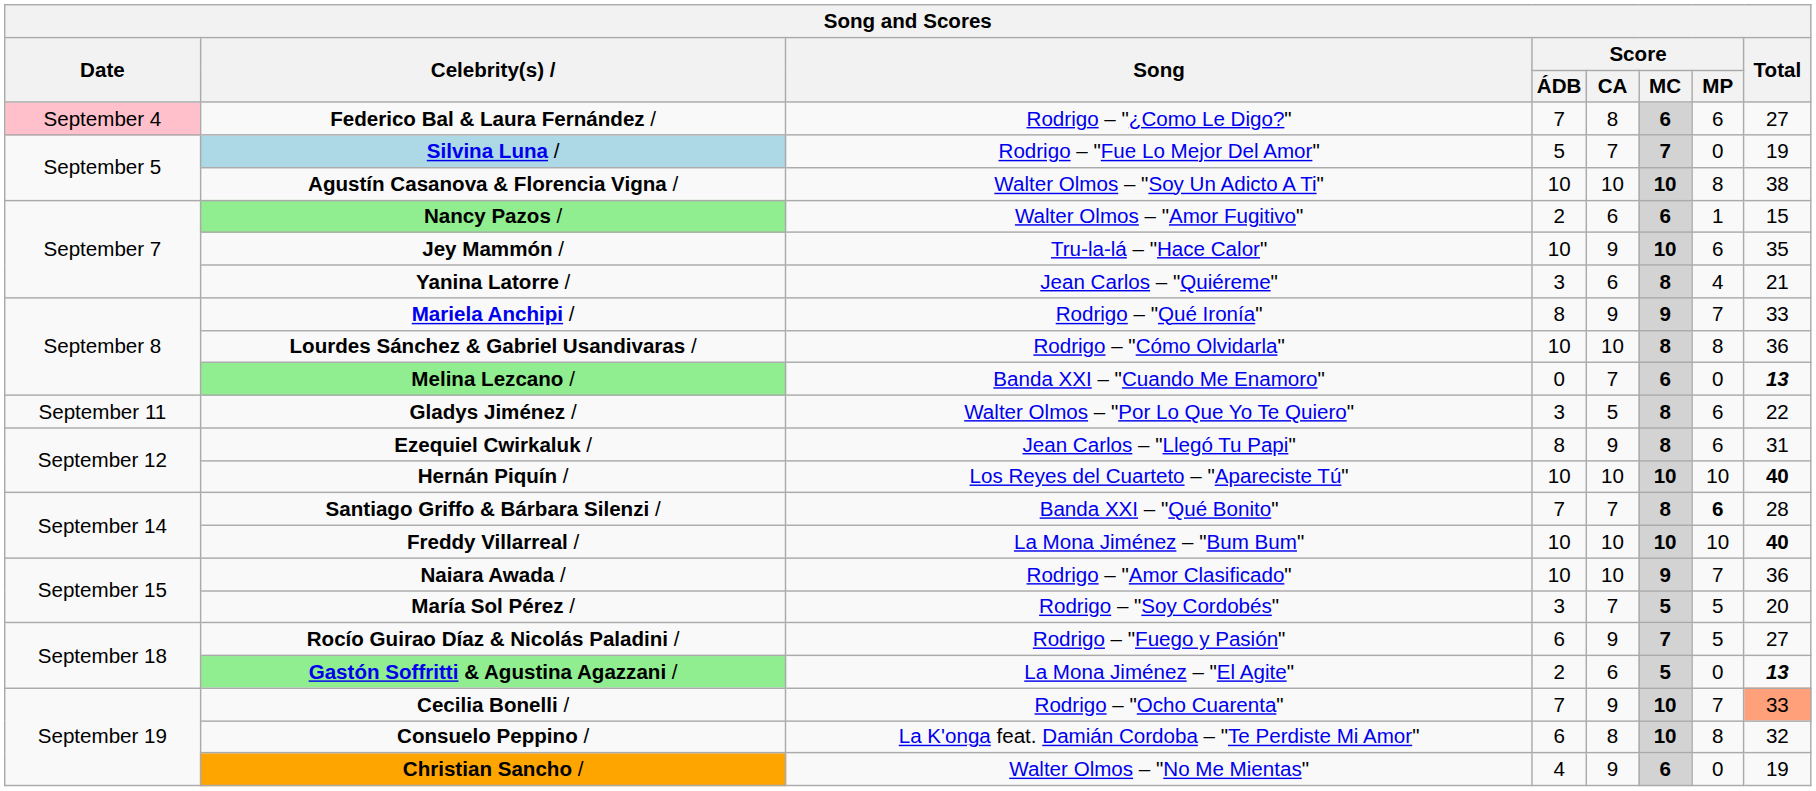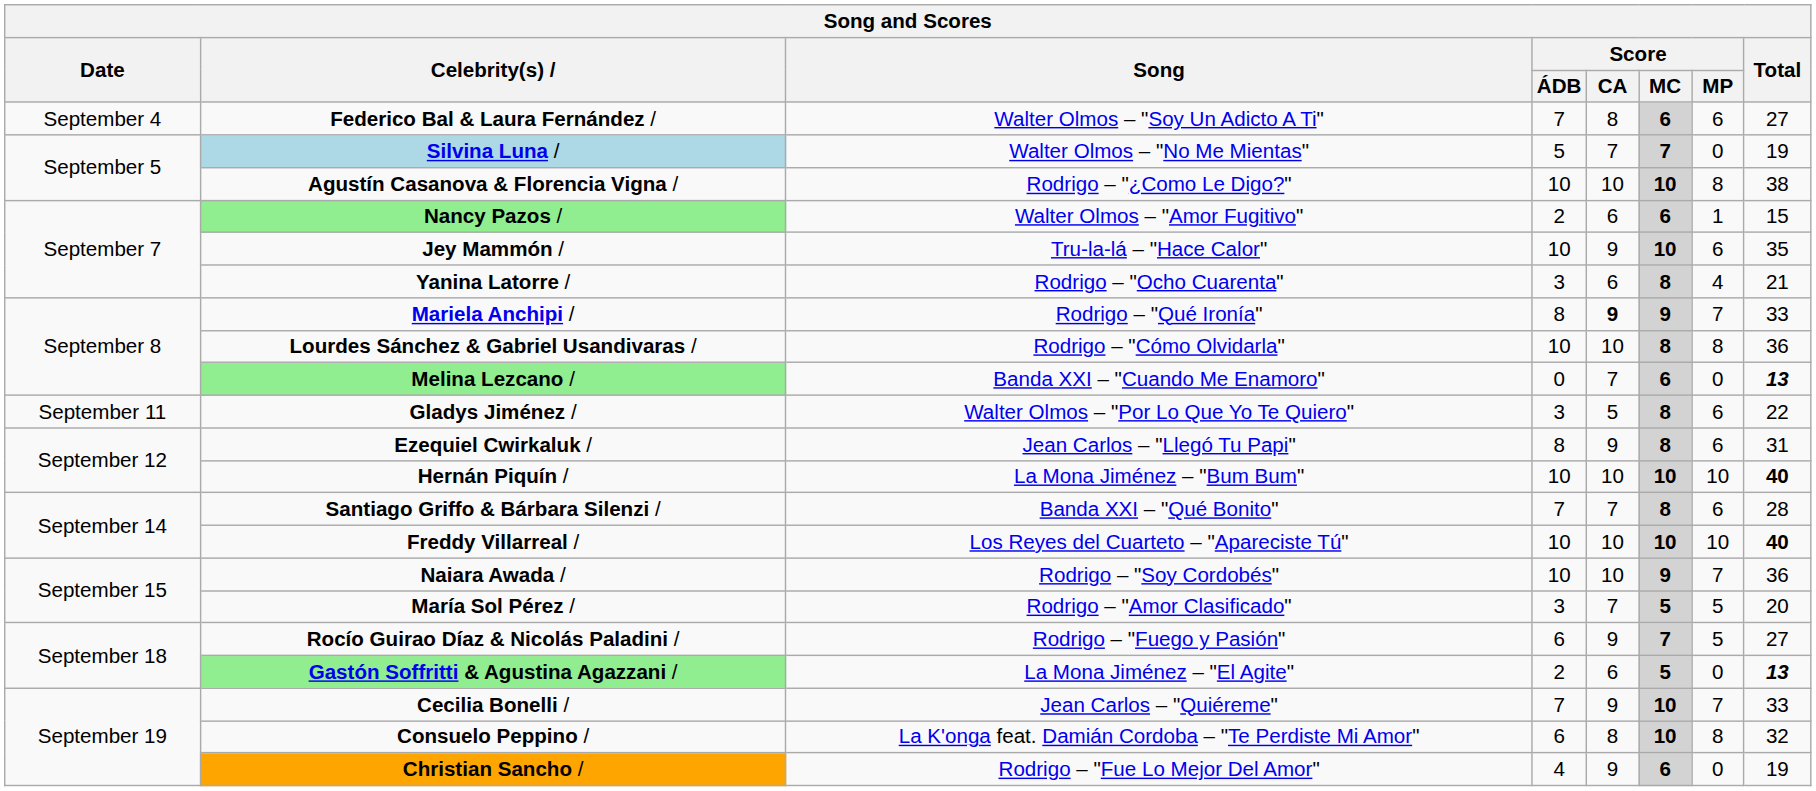 <table class="wikitable collapsible collapsed" style="font-size:90%; text-align: center; width: 100%;">
 <tr>
 <th colspan="11" style="with: 100%;" align=center>Song and Scores</th>
 </tr>
 <tr>
 <th rowspan="2">Date</th>
 <th rowspan="2">Celebrity(s) / </th>
 <th rowspan="2">Song</th>
 <th colspan="4">Score</th>
 <th rowspan="2" width=40>Total</th>
 </tr>
 <tr>
 <th width=30>ÁDB</th>
 <th width=30>CA</th>
 <th width=30>MC</th>
 <th width=30>MP</th>
 </tr>
 <tr>
-<td rowspan="1" style="background: pink;">September 4</td>
+<td rowspan="1">September 4</td>
 <td bgcolor=""><strong>Federico Bal & Laura Fernández</strong> / </td>
-<td><a href='#'>Rodrigo</a> – "<a href='#'>¿Como Le Digo?</a>"</td>
+<td><a href='#'>Walter Olmos</a> – "<a href='#'>Soy Un Adicto A Ti</a>"</td>
 <td>7</td>
 <td>8</td>
 <td bgcolor="lightgrey"><strong>6</strong></td>
 <td>6</td>
 <td>27</td>
 </tr>
 <tr>
 <td rowspan="2">September 5</td>
 <td bgcolor="lightblue"><strong><a href='#'>Silvina Luna</a></strong> / </td>
-<td><a href='#'>Rodrigo</a> – "<a href='#'>Fue Lo Mejor Del Amor</a>"</td>
+<td><a href='#'>Walter Olmos</a> – "<a href='#'>No Me Mientas</a>"</td>
 <td>5</td>
 <td>7</td>
 <td bgcolor="lightgrey"><strong>7</strong></td>
 <td>0</td>
 <td>19</td>
 </tr>
 <tr>
 <td bgcolor=""><strong>Agustín Casanova & Florencia Vigna</strong> / </td>
-<td><a href='#'>Walter Olmos</a> – "<a href='#'>Soy Un Adicto A Ti</a>"</td>
+<td><a href='#'>Rodrigo</a> – "<a href='#'>¿Como Le Digo?</a>"</td>
 <td>10</td>
 <td>10</td>
 <td bgcolor="lightgrey"><strong>10</strong></td>
 <td>8</td>
 <td>38</td>
 </tr>
 <tr>
 <td rowspan="3">September 7</td>
 <td bgcolor="lightgreen"><strong>Nancy Pazos</strong> / </td>
 <td><a href='#'>Walter Olmos</a> – "<a href='#'>Amor Fugitivo</a>"</td>
 <td>2</td>
 <td>6</td>
 <td bgcolor="lightgrey"><strong>6</strong></td>
 <td>1</td>
 <td>15</td>
 </tr>
 <tr>
 <td bgcolor=""><strong>Jey Mammón</strong> / </td>
 <td><a href='#'>Tru-la-lá</a> – "<a href='#'>Hace Calor</a>"</td>
 <td>10</td>
 <td>9</td>
 <td bgcolor="lightgrey"><strong>10</strong></td>
 <td>6</td>
 <td>35</td>
 </tr>
 <tr>
 <td bgcolor=""><strong>Yanina Latorre</strong> / </td>
-<td><a href='#'>Jean Carlos</a> – "<a href='#'>Quiéreme</a>"</td>
+<td><a href='#'>Rodrigo</a> – "<a href='#'>Ocho Cuarenta</a>"</td>
 <td>3</td>
 <td>6</td>
 <td bgcolor="lightgrey"><strong>8</strong></td>
 <td>4</td>
 <td>21</td>
 </tr>
 <tr>
 <td rowspan="3">September 8</td>
 <td bgcolor=""><strong><a href='#'>Mariela Anchipi</a></strong> / </td>
 <td><a href='#'>Rodrigo</a> – "<a href='#'>Qué Ironía</a>"</td>
 <td>8</td>
-<td>9</td>
+<td><strong>9</strong></td>
 <td bgcolor="lightgrey"><strong>9</strong></td>
 <td>7</td>
 <td>33</td>
 </tr>
 <tr>
 <td bgcolor=""><strong>Lourdes Sánchez & Gabriel Usandivaras</strong> / </td>
 <td><a href='#'>Rodrigo</a> – "<a href='#'>Cómo Olvidarla</a>"</td>
 <td>10</td>
 <td>10</td>
 <td bgcolor="lightgrey"><strong>8</strong></td>
 <td>8</td>
 <td>36</td>
 </tr>
 <tr>
 <td bgcolor="lightgreen"><strong>Melina Lezcano</strong> / </td>
 <td><a href='#'>Banda XXI</a> – "<a href='#'>Cuando Me Enamoro</a>"</td>
 <td>0</td>
 <td>7</td>
 <td bgcolor="lightgrey"><strong>6</strong></td>
 <td>0</td>
 <td><span><strong><em>13</em></strong></span></td>
 </tr>
 <tr>
 <td rowspan="1">September 11</td>
 <td bgcolor=""><strong>Gladys Jiménez</strong> / </td>
 <td><a href='#'>Walter Olmos</a> – "<a href='#'>Por Lo Que Yo Te Quiero</a>"</td>
 <td>3</td>
 <td>5</td>
 <td bgcolor="lightgrey"><strong>8</strong></td>
 <td>6</td>
 <td>22</td>
 </tr>
 <tr>
 <td rowspan="2">September 12</td>
 <td bgcolor=""><strong>Ezequiel Cwirkaluk</strong> / </td>
 <td><a href='#'>Jean Carlos</a> – "<a href='#'>Llegó Tu Papi</a>"</td>
 <td>8</td>
 <td>9</td>
 <td bgcolor="lightgrey"><strong>8</strong></td>
 <td>6</td>
 <td>31</td>
 </tr>
 <tr>
 <td bgcolor=""><strong>Hernán Piquín</strong> / </td>
-<td><a href='#'>Los Reyes del Cuarteto</a> – "<a href='#'>Apareciste Tú</a>"</td>
+<td><a href='#'>La Mona Jiménez</a> – "<a href='#'>Bum Bum</a>"</td>
 <td>10</td>
 <td>10</td>
 <td bgcolor="lightgrey"><strong>10</strong></td>
 <td>10</td>
 <td><span><strong>40</strong></span></td>
 </tr>
 <tr>
 <td rowspan="2">September 14</td>
 <td bgcolor=""><strong>Santiago Griffo & Bárbara Silenzi</strong> / </td>
 <td><a href='#'>Banda XXI</a> – "<a href='#'>Qué Bonito</a>"</td>
 <td>7</td>
 <td>7</td>
 <td bgcolor="lightgrey"><strong>8</strong></td>
-<td><strong>6</strong></td>
+<td>6</td>
 <td>28</td>
 </tr>
 <tr>
 <td bgcolor=""><strong>Freddy Villarreal</strong> / </td>
-<td><a href='#'>La Mona Jiménez</a> – "<a href='#'>Bum Bum</a>"</td>
+<td><a href='#'>Los Reyes del Cuarteto</a> – "<a href='#'>Apareciste Tú</a>"</td>
 <td>10</td>
 <td>10</td>
 <td bgcolor="lightgrey"><strong>10</strong></td>
 <td>10</td>
 <td><span><strong>40</strong></span></td>
 </tr>
 <tr>
 <td rowspan="2">September 15</td>
 <td bgcolor=""><strong>Naiara Awada</strong> / </td>
-<td><a href='#'>Rodrigo</a> – "<a href='#'>Amor Clasificado</a>"</td>
+<td><a href='#'>Rodrigo</a> – "<a href='#'>Soy Cordobés</a>"</td>
 <td>10</td>
 <td>10</td>
 <td bgcolor="lightgrey"><strong>9</strong></td>
 <td>7</td>
 <td>36</td>
 </tr>
 <tr>
 <td bgcolor=""><strong>María Sol Pérez</strong> / </td>
-<td><a href='#'>Rodrigo</a> – "<a href='#'>Soy Cordobés</a>"</td>
+<td><a href='#'>Rodrigo</a> – "<a href='#'>Amor Clasificado</a>"</td>
 <td>3</td>
 <td>7</td>
 <td bgcolor="lightgrey"><strong>5</strong></td>
 <td>5</td>
 <td>20</td>
 </tr>
 <tr>
 <td rowspan="2">September 18</td>
 <td bgcolor=""><strong>Rocío Guirao Díaz & Nicolás Paladini</strong> / </td>
 <td><a href='#'>Rodrigo</a> – "<a href='#'>Fuego y Pasión</a>"</td>
 <td>6</td>
 <td>9</td>
 <td bgcolor="lightgrey"><strong>7</strong></td>
 <td>5</td>
 <td>27</td>
 </tr>
 <tr>
 <td bgcolor="lightgreen"><strong><a href='#'>Gastón Soffritti</a> & Agustina Agazzani</strong> / </td>
 <td><a href='#'>La Mona Jiménez</a> – "<a href='#'>El Agite</a>"</td>
 <td>2</td>
 <td>6</td>
 <td bgcolor="lightgrey"><strong>5</strong></td>
 <td>0</td>
 <td><span><strong><em>13</em></strong></span></td>
 </tr>
 <tr>
 <td rowspan="3">September 19</td>
 <td bgcolor=""><strong>Cecilia Bonelli</strong> / </td>
-<td><a href='#'>Rodrigo</a> – "<a href='#'>Ocho Cuarenta</a>"</td>
+<td><a href='#'>Jean Carlos</a> – "<a href='#'>Quiéreme</a>"</td>
 <td>7</td>
 <td>9</td>
 <td bgcolor="lightgrey"><strong>10</strong></td>
 <td>7</td>
-<td style="background: lightsalmon;">33</td>
+<td>33</td>
 </tr>
 <tr>
 <td bgcolor=""><strong>Consuelo Peppino</strong> / </td>
 <td><a href='#'>La K'onga</a> feat. <a href='#'>Damián Cordoba</a> – "<a href='#'>Te Perdiste Mi Amor</a>"</td>
 <td>6</td>
 <td>8</td>
 <td bgcolor="lightgrey"><strong>10</strong></td>
 <td>8</td>
 <td>32</td>
 </tr>
 <tr>
 <td bgcolor="orange"><strong>Christian Sancho</strong> / </td>
-<td><a href='#'>Walter Olmos</a> – "<a href='#'>No Me Mientas</a>"</td>
+<td><a href='#'>Rodrigo</a> – "<a href='#'>Fue Lo Mejor Del Amor</a>"</td>
 <td>4</td>
 <td>9</td>
 <td bgcolor="lightgrey"><strong>6</strong></td>
 <td>0</td>
 <td>19</td>
 </tr>
 </table>
